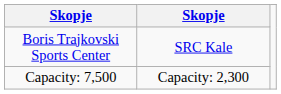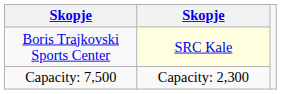 <table class="wikitable" style="text-align:center;">
 <tr>
 <th width=140px><a href='#'>Skopje</a></th>
 <th width=140px><a href='#'>Skopje</a></th>
 <td rowspan="3"><br></td>
 </tr>
 <tr>
 <td><a href='#'>Boris Trajkovski Sports Center</a></td>
-<td><a href='#'>SRC Kale</a></td>
+<td style="background: lightyellow;"><a href='#'>SRC Kale</a></td>
 </tr>
 <tr>
 <td>Capacity: 7,500</td>
 <td>Capacity: 2,300</td>
 </tr>
 </table>
